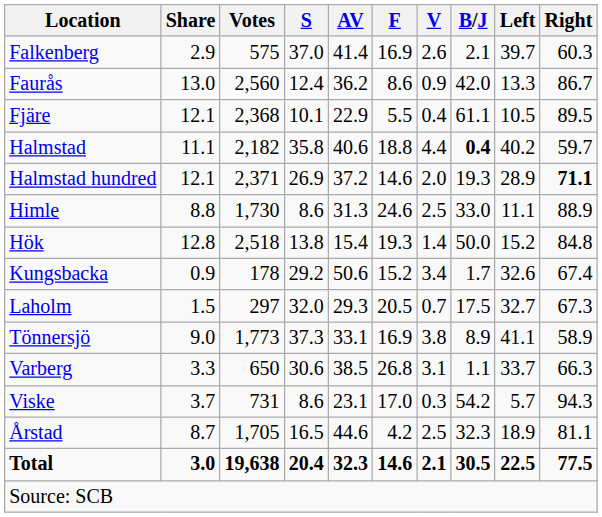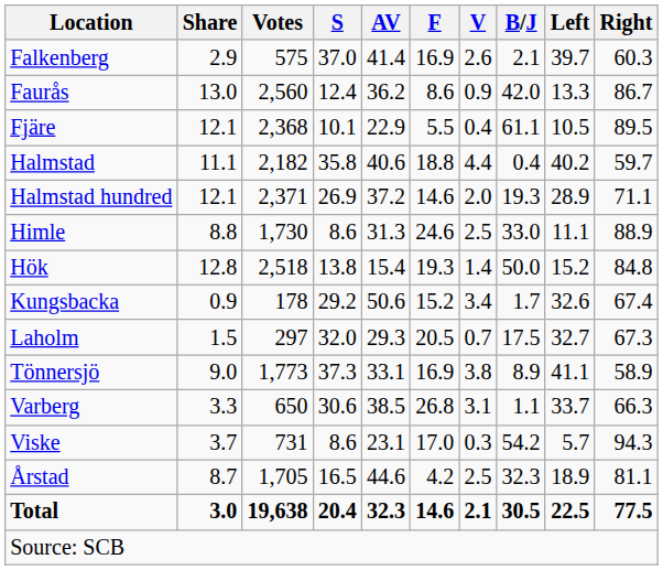 <table class="wikitable sortable" style=text-align:right>
 <tr>
 <th>Location</th>
 <th>Share</th>
 <th>Votes</th>
 <th><a href='#'>S</a></th>
 <th><a href='#'>AV</a></th>
 <th><a href='#'>F</a></th>
 <th><a href='#'>V</a></th>
 <th><a href='#'>B</a>/<a href='#'>J</a></th>
 <th>Left</th>
 <th>Right</th>
 </tr>
 <tr>
 <td align=left><a href='#'>Falkenberg</a></td>
 <td>2.9</td>
 <td>575</td>
 <td>37.0</td>
 <td>41.4</td>
 <td>16.9</td>
 <td>2.6</td>
 <td>2.1</td>
 <td>39.7</td>
 <td>60.3</td>
 </tr>
 <tr>
 <td align=left><a href='#'>Faurås</a></td>
 <td>13.0</td>
 <td>2,560</td>
 <td>12.4</td>
 <td>36.2</td>
 <td>8.6</td>
 <td>0.9</td>
 <td>42.0</td>
 <td>13.3</td>
 <td>86.7</td>
 </tr>
 <tr>
 <td align=left><a href='#'>Fjäre</a></td>
 <td>12.1</td>
 <td>2,368</td>
 <td>10.1</td>
 <td>22.9</td>
 <td>5.5</td>
 <td>0.4</td>
 <td>61.1</td>
 <td>10.5</td>
 <td>89.5</td>
 </tr>
 <tr>
 <td align=left><a href='#'>Halmstad</a></td>
 <td>11.1</td>
 <td>2,182</td>
 <td>35.8</td>
 <td>40.6</td>
 <td>18.8</td>
 <td>4.4</td>
-<td><strong>0.4</strong></td>
+<td>0.4</td>
 <td>40.2</td>
 <td>59.7</td>
 </tr>
 <tr>
 <td align=left><a href='#'>Halmstad hundred</a></td>
 <td>12.1</td>
 <td>2,371</td>
 <td>26.9</td>
 <td>37.2</td>
 <td>14.6</td>
 <td>2.0</td>
 <td>19.3</td>
 <td>28.9</td>
-<td><strong>71.1</strong></td>
+<td>71.1</td>
 </tr>
 <tr>
 <td align=left><a href='#'>Himle</a></td>
 <td>8.8</td>
 <td>1,730</td>
 <td>8.6</td>
 <td>31.3</td>
 <td>24.6</td>
 <td>2.5</td>
 <td>33.0</td>
 <td>11.1</td>
 <td>88.9</td>
 </tr>
 <tr>
 <td align=left><a href='#'>Hök</a></td>
 <td>12.8</td>
 <td>2,518</td>
 <td>13.8</td>
 <td>15.4</td>
 <td>19.3</td>
 <td>1.4</td>
 <td>50.0</td>
 <td>15.2</td>
 <td>84.8</td>
 </tr>
 <tr>
 <td align=left><a href='#'>Kungsbacka</a></td>
 <td>0.9</td>
 <td>178</td>
 <td>29.2</td>
 <td>50.6</td>
 <td>15.2</td>
 <td>3.4</td>
 <td>1.7</td>
 <td>32.6</td>
 <td>67.4</td>
 </tr>
 <tr>
 <td align=left><a href='#'>Laholm</a></td>
 <td>1.5</td>
 <td>297</td>
 <td>32.0</td>
 <td>29.3</td>
 <td>20.5</td>
 <td>0.7</td>
 <td>17.5</td>
 <td>32.7</td>
 <td>67.3</td>
 </tr>
 <tr>
 <td align=left><a href='#'>Tönnersjö</a></td>
 <td>9.0</td>
 <td>1,773</td>
 <td>37.3</td>
 <td>33.1</td>
 <td>16.9</td>
 <td>3.8</td>
 <td>8.9</td>
 <td>41.1</td>
 <td>58.9</td>
 </tr>
 <tr>
 <td align=left><a href='#'>Varberg</a></td>
 <td>3.3</td>
 <td>650</td>
 <td>30.6</td>
 <td>38.5</td>
 <td>26.8</td>
 <td>3.1</td>
 <td>1.1</td>
 <td>33.7</td>
 <td>66.3</td>
 </tr>
 <tr>
 <td align=left><a href='#'>Viske</a></td>
 <td>3.7</td>
 <td>731</td>
 <td>8.6</td>
 <td>23.1</td>
 <td>17.0</td>
 <td>0.3</td>
 <td>54.2</td>
 <td>5.7</td>
 <td>94.3</td>
 </tr>
 <tr>
 <td align=left><a href='#'>Årstad</a></td>
 <td>8.7</td>
 <td>1,705</td>
 <td>16.5</td>
 <td>44.6</td>
 <td>4.2</td>
 <td>2.5</td>
 <td>32.3</td>
 <td>18.9</td>
 <td>81.1</td>
 </tr>
 <tr>
 <td align=left><strong>Total</strong></td>
 <td><strong>3.0</strong></td>
 <td><strong>19,638</strong></td>
 <td><strong>20.4</strong></td>
 <td><strong>32.3</strong></td>
 <td><strong>14.6</strong></td>
 <td><strong>2.1</strong></td>
 <td><strong>30.5</strong></td>
 <td><strong>22.5</strong></td>
 <td><strong>77.5</strong></td>
 </tr>
 <tr>
 <td align=left colspan=11>Source: SCB </td>
 </tr>
 </table>
